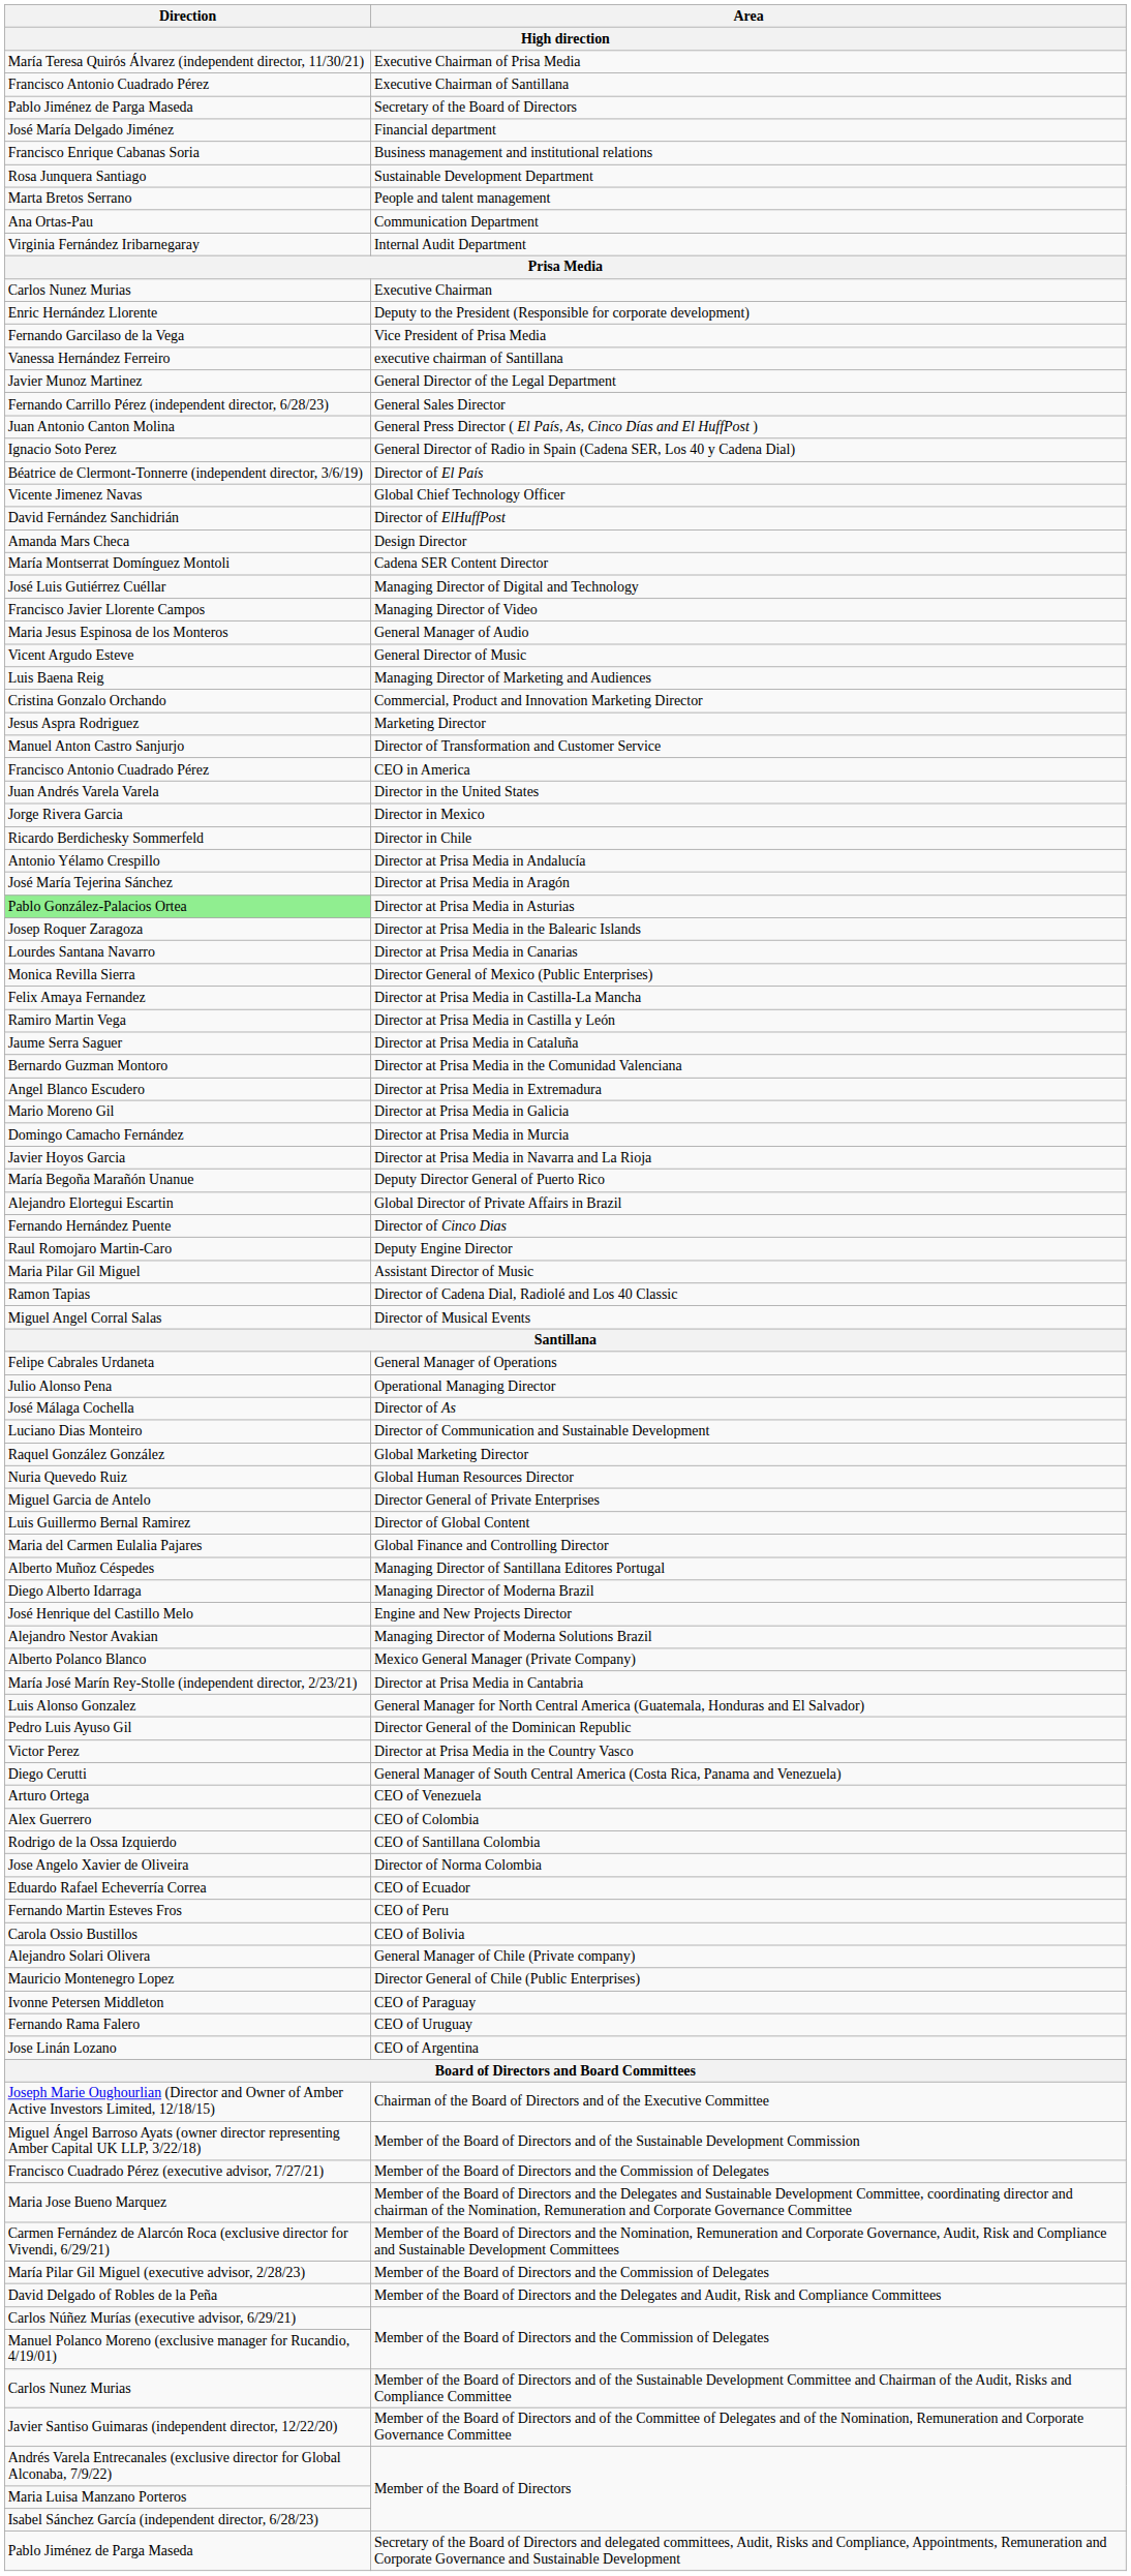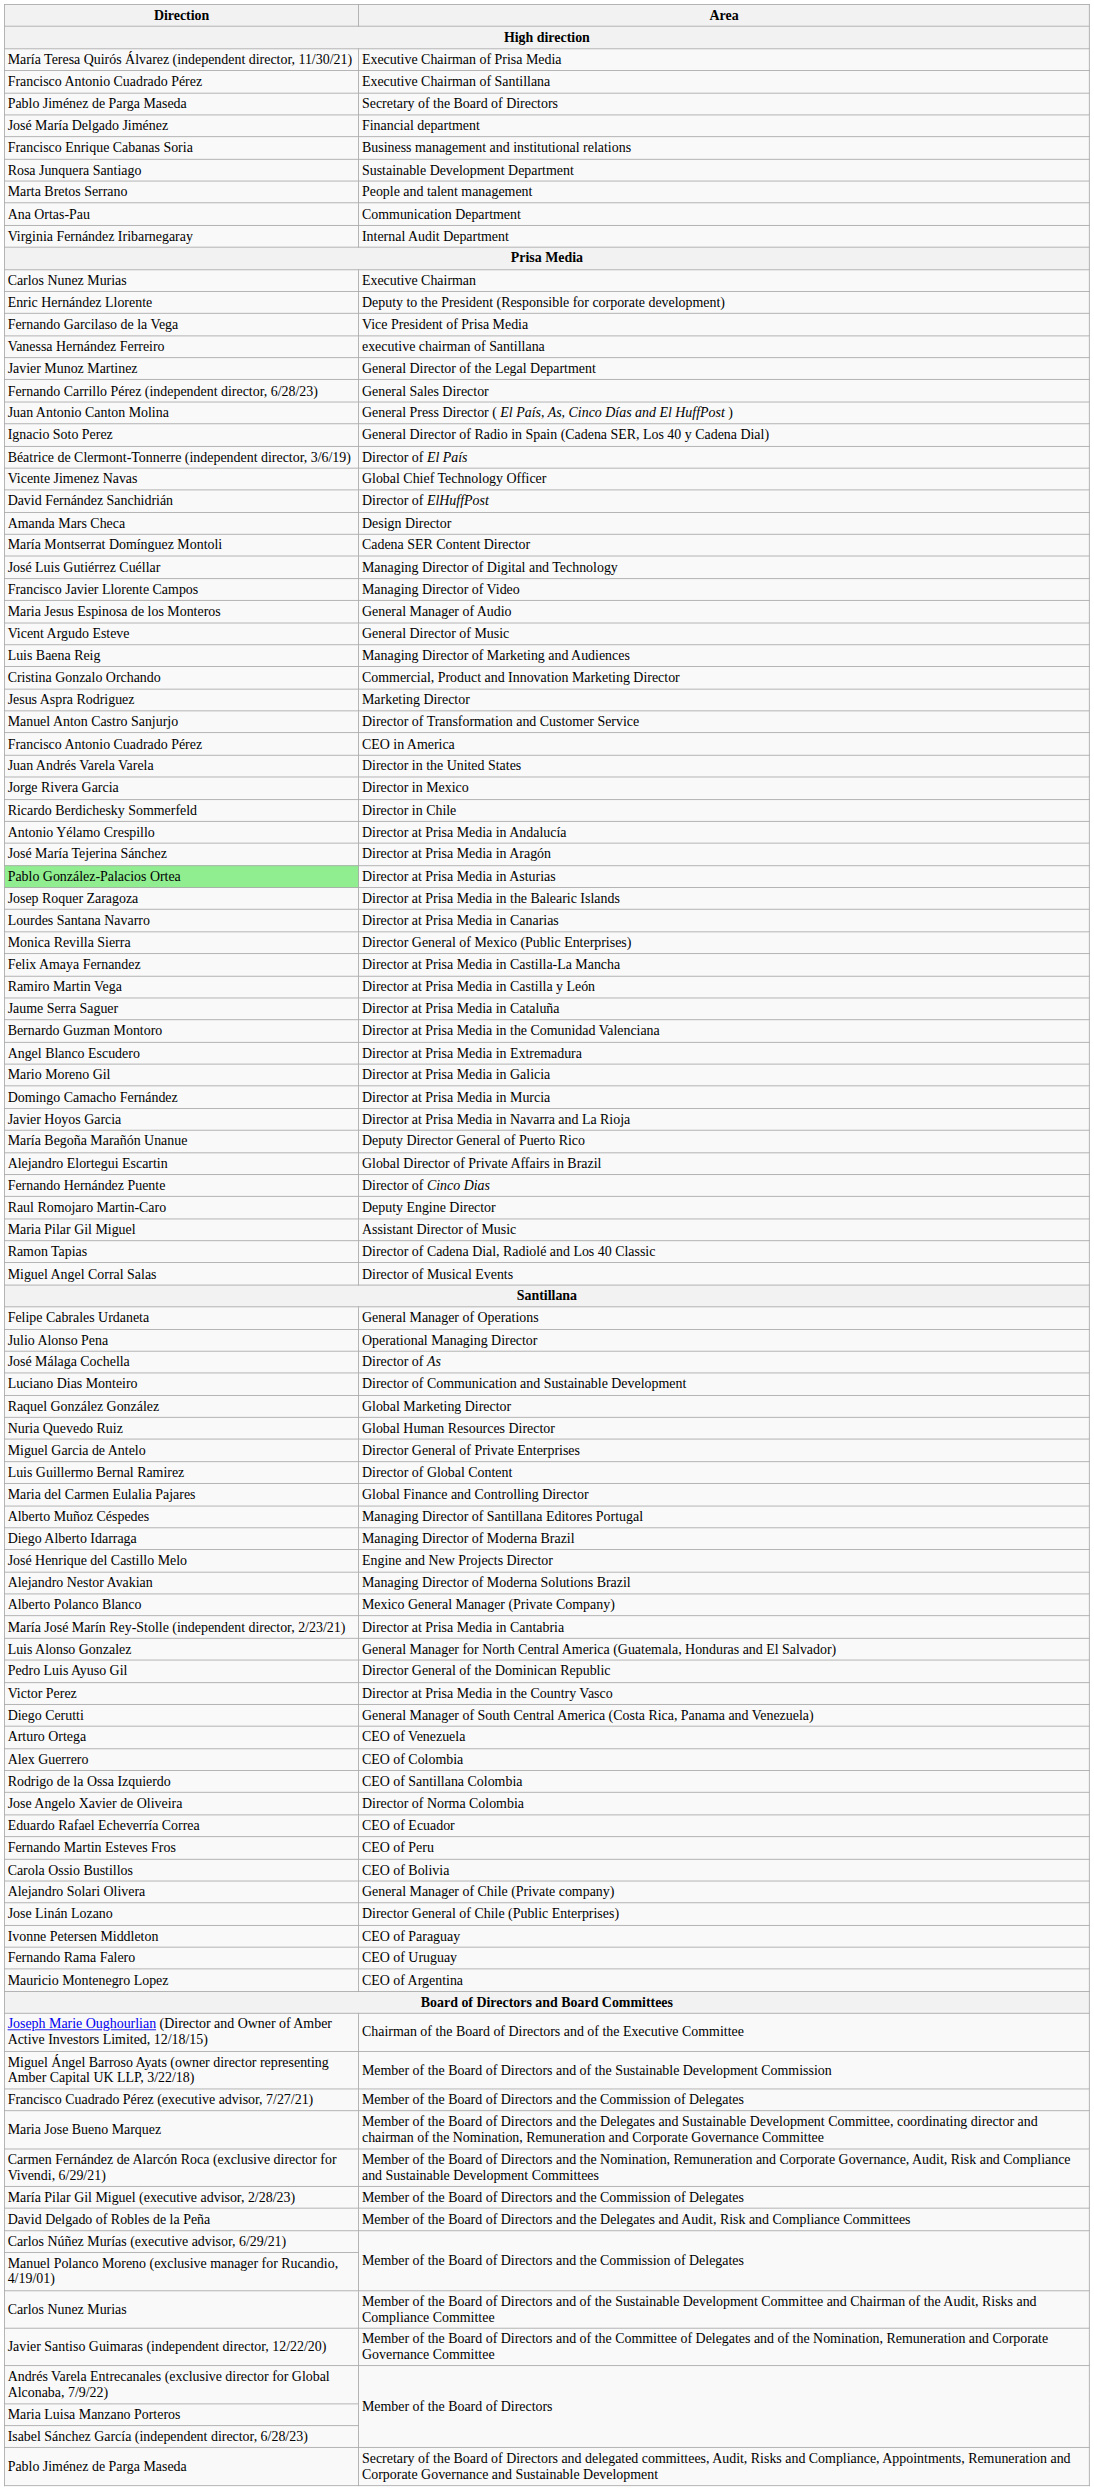 <table class="wikitable">
 <tr>
 <th>Direction</th>
 <th>Area</th>
 </tr>
 <tr>
 <th colspan="2">High direction</th>
 </tr>
 <tr>
 <td>María Teresa Quirós Álvarez (independent director, 11/30/21)</td>
 <td>Executive Chairman of Prisa Media</td>
 </tr>
 <tr>
 <td>Francisco Antonio Cuadrado Pérez</td>
 <td>Executive Chairman of Santillana</td>
 </tr>
 <tr>
 <td>Pablo Jiménez de Parga Maseda</td>
 <td>Secretary of the Board of Directors</td>
 </tr>
 <tr>
 <td>José María Delgado Jiménez</td>
 <td>Financial department</td>
 </tr>
 <tr>
 <td>Francisco Enrique Cabanas Soria</td>
 <td>Business management and institutional relations</td>
 </tr>
 <tr>
 <td>Rosa Junquera Santiago</td>
 <td>Sustainable Development Department</td>
 </tr>
 <tr>
 <td>Marta Bretos Serrano</td>
 <td>People and talent management</td>
 </tr>
 <tr>
 <td>Ana Ortas-Pau</td>
 <td>Communication Department</td>
 </tr>
 <tr>
 <td>Virginia Fernández Iribarnegaray</td>
 <td>Internal Audit Department</td>
 </tr>
 <tr>
 <th colspan="2"><strong>Prisa Media</strong></th>
 </tr>
 <tr>
 <td>Carlos Nunez Murias</td>
 <td>Executive Chairman</td>
 </tr>
 <tr>
 <td>Enric Hernández Llorente</td>
 <td>Deputy to the President (Responsible for corporate development)</td>
 </tr>
 <tr>
 <td>Fernando Garcilaso de la Vega</td>
 <td>Vice President of Prisa Media</td>
 </tr>
 <tr>
 <td>Vanessa Hernández Ferreiro</td>
 <td>executive chairman of Santillana</td>
 </tr>
 <tr>
 <td>Javier Munoz Martinez</td>
 <td>General Director of the Legal Department</td>
 </tr>
 <tr>
 <td>Fernando Carrillo Pérez (independent director, 6/28/23)</td>
 <td>General Sales Director</td>
 </tr>
 <tr>
 <td>Juan Antonio Canton Molina</td>
 <td>General Press Director ( <em>El País, As, Cinco Días and El HuffPost</em> )</td>
 </tr>
 <tr>
 <td>Ignacio Soto Perez</td>
 <td>General Director of Radio in Spain (Cadena SER, Los 40 y Cadena Dial)</td>
 </tr>
 <tr>
 <td>Béatrice de Clermont-Tonnerre (independent director, 3/6/19)</td>
 <td>Director of <em>El País</em></td>
 </tr>
 <tr>
 <td>Vicente Jimenez Navas</td>
 <td>Global Chief Technology Officer</td>
 </tr>
 <tr>
 <td>David Fernández Sanchidrián</td>
 <td>Director of <em>ElHuffPost</em></td>
 </tr>
 <tr>
 <td>Amanda Mars Checa</td>
 <td>Design Director</td>
 </tr>
 <tr>
 <td>María Montserrat Domínguez Montoli</td>
 <td>Cadena SER Content Director</td>
 </tr>
 <tr>
 <td>José Luis Gutiérrez Cuéllar</td>
 <td>Managing Director of Digital and Technology</td>
 </tr>
 <tr>
 <td>Francisco Javier Llorente Campos</td>
 <td>Managing Director of Video</td>
 </tr>
 <tr>
 <td>Maria Jesus Espinosa de los Monteros</td>
 <td>General Manager of Audio</td>
 </tr>
 <tr>
 <td>Vicent Argudo Esteve</td>
 <td>General Director of Music</td>
 </tr>
 <tr>
 <td>Luis Baena Reig</td>
 <td>Managing Director of Marketing and Audiences</td>
 </tr>
 <tr>
 <td>Cristina Gonzalo Orchando</td>
 <td>Commercial, Product and Innovation Marketing Director</td>
 </tr>
 <tr>
 <td>Jesus Aspra Rodriguez</td>
 <td>Marketing Director</td>
 </tr>
 <tr>
 <td>Manuel Anton Castro Sanjurjo</td>
 <td>Director of Transformation and Customer Service</td>
 </tr>
 <tr>
 <td>Francisco Antonio Cuadrado Pérez</td>
 <td>CEO in America</td>
 </tr>
 <tr>
 <td>Juan Andrés Varela Varela</td>
 <td>Director in the United States</td>
 </tr>
 <tr>
 <td>Jorge Rivera Garcia</td>
 <td>Director in Mexico</td>
 </tr>
 <tr>
 <td>Ricardo Berdichesky Sommerfeld</td>
 <td>Director in Chile</td>
 </tr>
 <tr>
 <td>Antonio Yélamo Crespillo</td>
 <td>Director at Prisa Media in Andalucía</td>
 </tr>
 <tr>
 <td>José María Tejerina Sánchez</td>
 <td>Director at Prisa Media in Aragón</td>
 </tr>
 <tr>
 <td style="background: lightgreen;">Pablo González-Palacios Ortea</td>
 <td>Director at Prisa Media in Asturias</td>
 </tr>
 <tr>
 <td>Josep Roquer Zaragoza</td>
 <td>Director at Prisa Media in the Balearic Islands</td>
 </tr>
 <tr>
 <td>Lourdes Santana Navarro</td>
 <td>Director at Prisa Media in Canarias</td>
 </tr>
 <tr>
 <td>Monica Revilla Sierra</td>
 <td>Director General of Mexico (Public Enterprises)</td>
 </tr>
 <tr>
 <td>Felix Amaya Fernandez</td>
 <td>Director at Prisa Media in Castilla-La Mancha</td>
 </tr>
 <tr>
 <td>Ramiro Martin Vega</td>
 <td>Director at Prisa Media in Castilla y León</td>
 </tr>
 <tr>
 <td>Jaume Serra Saguer</td>
 <td>Director at Prisa Media in Cataluña</td>
 </tr>
 <tr>
 <td>Bernardo Guzman Montoro</td>
 <td>Director at Prisa Media in the Comunidad Valenciana</td>
 </tr>
 <tr>
 <td>Angel Blanco Escudero</td>
 <td>Director at Prisa Media in Extremadura</td>
 </tr>
 <tr>
 <td>Mario Moreno Gil</td>
 <td>Director at Prisa Media in Galicia</td>
 </tr>
 <tr>
 <td>Domingo Camacho Fernández</td>
 <td>Director at Prisa Media in Murcia</td>
 </tr>
 <tr>
 <td>Javier Hoyos Garcia</td>
 <td>Director at Prisa Media in Navarra and La Rioja</td>
 </tr>
 <tr>
 <td>María Begoña Marañón Unanue</td>
 <td>Deputy Director General of Puerto Rico</td>
 </tr>
 <tr>
 <td>Alejandro Elortegui Escartin</td>
 <td>Global Director of Private Affairs in Brazil</td>
 </tr>
 <tr>
 <td>Fernando Hernández Puente</td>
 <td>Director of <em>Cinco Dias</em></td>
 </tr>
 <tr>
 <td>Raul Romojaro Martin-Caro</td>
 <td>Deputy Engine Director</td>
 </tr>
 <tr>
 <td>Maria Pilar Gil Miguel</td>
 <td>Assistant Director of Music</td>
 </tr>
 <tr>
 <td>Ramon Tapias</td>
 <td>Director of Cadena Dial, Radiolé and Los 40 Classic</td>
 </tr>
 <tr>
 <td>Miguel Angel Corral Salas</td>
 <td>Director of Musical Events</td>
 </tr>
 <tr>
 <th colspan="2"><strong>Santillana</strong></th>
 </tr>
 <tr>
 <td>Felipe Cabrales Urdaneta</td>
 <td>General Manager of Operations</td>
 </tr>
 <tr>
 <td>Julio Alonso Pena</td>
 <td>Operational Managing Director</td>
 </tr>
 <tr>
 <td>José Málaga Cochella</td>
 <td>Director of <em>As</em></td>
 </tr>
 <tr>
 <td>Luciano Dias Monteiro</td>
 <td>Director of Communication and Sustainable Development</td>
 </tr>
 <tr>
 <td>Raquel González González</td>
 <td>Global Marketing Director</td>
 </tr>
 <tr>
 <td>Nuria Quevedo Ruiz</td>
 <td>Global Human Resources Director</td>
 </tr>
 <tr>
 <td>Miguel Garcia de Antelo</td>
 <td>Director General of Private Enterprises</td>
 </tr>
 <tr>
 <td>Luis Guillermo Bernal Ramirez</td>
 <td>Director of Global Content</td>
 </tr>
 <tr>
 <td>Maria del Carmen Eulalia Pajares</td>
 <td>Global Finance and Controlling Director</td>
 </tr>
 <tr>
 <td>Alberto Muñoz Céspedes</td>
 <td>Managing Director of Santillana Editores Portugal</td>
 </tr>
 <tr>
 <td>Diego Alberto Idarraga</td>
 <td>Managing Director of Moderna Brazil</td>
 </tr>
 <tr>
 <td>José Henrique del Castillo Melo</td>
 <td>Engine and New Projects Director</td>
 </tr>
 <tr>
 <td>Alejandro Nestor Avakian</td>
 <td>Managing Director of Moderna Solutions Brazil</td>
 </tr>
 <tr>
 <td>Alberto Polanco Blanco</td>
 <td>Mexico General Manager (Private Company)</td>
 </tr>
 <tr>
 <td>María José Marín Rey-Stolle (independent director, 2/23/21)</td>
 <td>Director at Prisa Media in Cantabria</td>
 </tr>
 <tr>
 <td>Luis Alonso Gonzalez</td>
 <td>General Manager for North Central America (Guatemala, Honduras and El Salvador)</td>
 </tr>
 <tr>
 <td>Pedro Luis Ayuso Gil</td>
 <td>Director General of the Dominican Republic</td>
 </tr>
 <tr>
 <td>Victor Perez</td>
 <td>Director at Prisa Media in the Country Vasco</td>
 </tr>
 <tr>
 <td>Diego Cerutti</td>
 <td>General Manager of South Central America (Costa Rica, Panama and Venezuela)</td>
 </tr>
 <tr>
 <td>Arturo Ortega</td>
 <td>CEO of Venezuela</td>
 </tr>
 <tr>
 <td>Alex Guerrero</td>
 <td>CEO of Colombia</td>
 </tr>
 <tr>
 <td>Rodrigo de la Ossa Izquierdo</td>
 <td>CEO of Santillana Colombia</td>
 </tr>
 <tr>
 <td>Jose Angelo Xavier de Oliveira</td>
 <td>Director of Norma Colombia</td>
 </tr>
 <tr>
 <td>Eduardo Rafael Echeverría Correa</td>
 <td>CEO of Ecuador</td>
 </tr>
 <tr>
 <td>Fernando Martin Esteves Fros</td>
 <td>CEO of Peru</td>
 </tr>
 <tr>
 <td>Carola Ossio Bustillos</td>
 <td>CEO of Bolivia</td>
 </tr>
 <tr>
 <td>Alejandro Solari Olivera</td>
 <td>General Manager of Chile (Private company)</td>
 </tr>
 <tr>
-<td>Mauricio Montenegro Lopez</td>
+<td>Jose Linán Lozano</td>
 <td>Director General of Chile (Public Enterprises)</td>
 </tr>
 <tr>
 <td>Ivonne Petersen Middleton</td>
 <td>CEO of Paraguay</td>
 </tr>
 <tr>
 <td>Fernando Rama Falero</td>
 <td>CEO of Uruguay</td>
 </tr>
 <tr>
-<td>Jose Linán Lozano</td>
+<td>Mauricio Montenegro Lopez</td>
 <td>CEO of Argentina</td>
 </tr>
 <tr>
 <th colspan="2"><strong>Board of Directors and Board Committees</strong></th>
 </tr>
 <tr>
 <td><a href='#'>Joseph Marie Oughourlian</a> (Director and Owner of Amber Active Investors Limited, 12/18/15)</td>
 <td>Chairman of the Board of Directors and of the Executive Committee</td>
 </tr>
 <tr>
 <td>Miguel Ángel Barroso Ayats (owner director representing Amber Capital UK LLP, 3/22/18)</td>
 <td>Member of the Board of Directors and of the Sustainable Development Commission</td>
 </tr>
 <tr>
 <td>Francisco Cuadrado Pérez (executive advisor, 7/27/21)</td>
 <td>Member of the Board of Directors and the Commission of Delegates</td>
 </tr>
 <tr>
 <td>Maria Jose Bueno Marquez</td>
 <td>Member of the Board of Directors and the Delegates and Sustainable Development Committee, coordinating director and chairman of the Nomination, Remuneration and Corporate Governance Committee</td>
 </tr>
 <tr>
 <td>Carmen Fernández de Alarcón Roca (exclusive director for Vivendi, 6/29/21)</td>
 <td>Member of the Board of Directors and the Nomination, Remuneration and Corporate Governance, Audit, Risk and Compliance and Sustainable Development Committees</td>
 </tr>
 <tr>
 <td>María Pilar Gil Miguel (executive advisor, 2/28/23)</td>
 <td>Member of the Board of Directors and the Commission of Delegates</td>
 </tr>
 <tr>
 <td>David Delgado of Robles de la Peña</td>
 <td>Member of the Board of Directors and the Delegates and Audit, Risk and Compliance Committees</td>
 </tr>
 <tr>
 <td>Carlos Núñez Murías (executive advisor, 6/29/21)</td>
 <td rowspan="2">Member of the Board of Directors and the Commission of Delegates</td>
 </tr>
 <tr>
 <td>Manuel Polanco Moreno (exclusive manager for Rucandio, 4/19/01)</td>
 </tr>
 <tr>
 <td>Carlos Nunez Murias</td>
 <td>Member of the Board of Directors and of the Sustainable Development Committee and Chairman of the Audit, Risks and Compliance Committee</td>
 </tr>
 <tr>
 <td>Javier Santiso Guimaras (independent director, 12/22/20)</td>
 <td>Member of the Board of Directors and of the Committee of Delegates and of the Nomination, Remuneration and Corporate Governance Committee</td>
 </tr>
 <tr>
 <td>Andrés Varela Entrecanales (exclusive director for Global Alconaba, 7/9/22)</td>
 <td rowspan="3">Member of the Board of Directors</td>
 </tr>
 <tr>
 <td>Maria Luisa Manzano Porteros</td>
 </tr>
 <tr>
 <td>Isabel Sánchez García (independent director, 6/28/23)</td>
 </tr>
 <tr>
 <td>Pablo Jiménez de Parga Maseda</td>
 <td>Secretary of the Board of Directors and delegated committees, Audit, Risks and Compliance, Appointments, Remuneration and Corporate Governance and Sustainable Development</td>
 </tr>
 </table>
